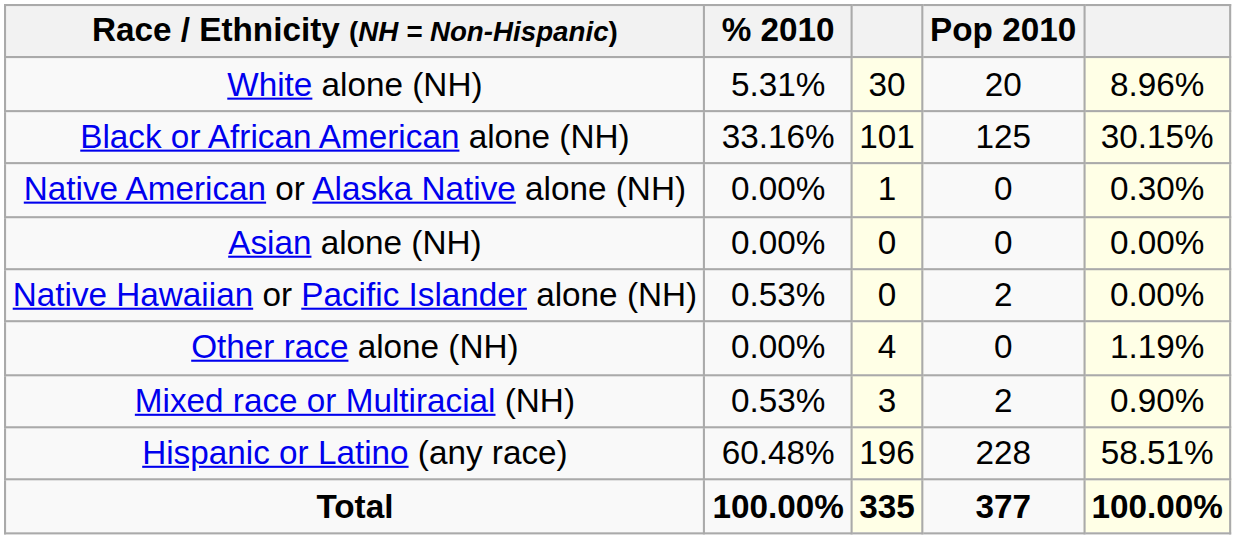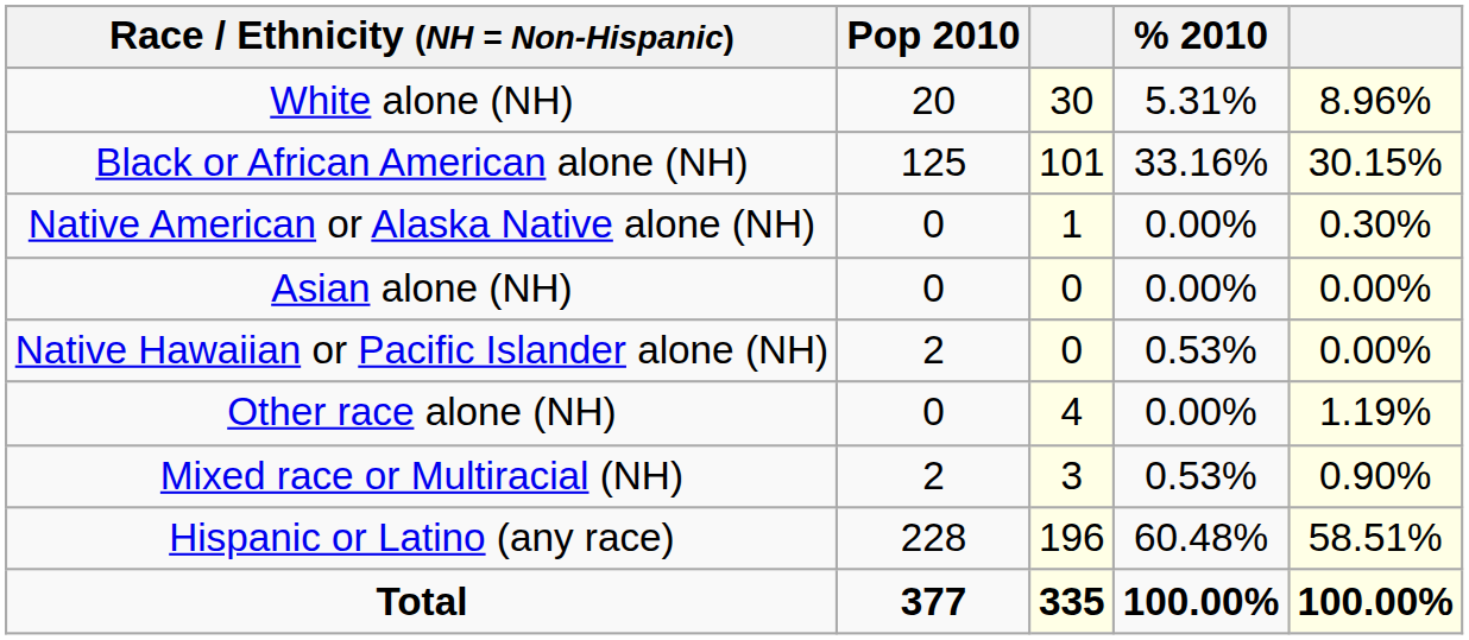 <table class="wikitable" style="text-align:center;">
 <tr>
 <th>Race / Ethnicity <small>(<em>NH = Non-Hispanic</em>)</small></th>
+<th>Pop 2010</th>
+<th></th>
 <th>% 2010</th>
-<th></th>
-<th>Pop 2010</th>
 <th></th>
 </tr>
 <tr>
 <td><a href='#'>White</a> alone (NH)</td>
+<td>20</td>
+<td style='background: #ffffe6;'>30</td>
 <td>5.31%</td>
-<td style='background: #ffffe6;'>30</td>
-<td>20</td>
 <td style='background: #ffffe6;'>8.96%</td>
 </tr>
 <tr>
 <td><a href='#'>Black or African American</a> alone (NH)</td>
+<td>125</td>
+<td style='background: #ffffe6;'>101</td>
 <td>33.16%</td>
-<td style='background: #ffffe6;'>101</td>
-<td>125</td>
 <td style='background: #ffffe6;'>30.15%</td>
 </tr>
 <tr>
 <td><a href='#'>Native American</a> or <a href='#'>Alaska Native</a> alone (NH)</td>
+<td>0</td>
+<td style='background: #ffffe6;'>1</td>
 <td>0.00%</td>
-<td style='background: #ffffe6;'>1</td>
-<td>0</td>
 <td style='background: #ffffe6;'>0.30%</td>
 </tr>
 <tr>
 <td><a href='#'>Asian</a> alone (NH)</td>
+<td>0</td>
+<td style='background: #ffffe6;'>0</td>
 <td>0.00%</td>
-<td style='background: #ffffe6;'>0</td>
-<td>0</td>
 <td style='background: #ffffe6;'>0.00%</td>
 </tr>
 <tr>
 <td><a href='#'>Native Hawaiian</a> or <a href='#'>Pacific Islander</a> alone (NH)</td>
+<td>2</td>
+<td style='background: #ffffe6;'>0</td>
 <td>0.53%</td>
-<td style='background: #ffffe6;'>0</td>
-<td>2</td>
 <td style='background: #ffffe6;'>0.00%</td>
 </tr>
 <tr>
 <td><a href='#'>Other race</a> alone (NH)</td>
+<td>0</td>
+<td style='background: #ffffe6;'>4</td>
 <td>0.00%</td>
-<td style='background: #ffffe6;'>4</td>
-<td>0</td>
 <td style='background: #ffffe6;'>1.19%</td>
 </tr>
 <tr>
 <td><a href='#'>Mixed race or Multiracial</a> (NH)</td>
+<td>2</td>
+<td style='background: #ffffe6;'>3</td>
 <td>0.53%</td>
-<td style='background: #ffffe6;'>3</td>
-<td>2</td>
 <td style='background: #ffffe6;'>0.90%</td>
 </tr>
 <tr>
 <td><a href='#'>Hispanic or Latino</a> (any race)</td>
+<td>228</td>
+<td style='background: #ffffe6;'>196</td>
 <td>60.48%</td>
-<td style='background: #ffffe6;'>196</td>
-<td>228</td>
 <td style='background: #ffffe6;'>58.51%</td>
 </tr>
 <tr>
 <td><strong>Total</strong></td>
+<td><strong>377</strong></td>
+<td style='background: #ffffe6;'><strong>335</strong></td>
 <td><strong>100.00%</strong></td>
-<td style='background: #ffffe6;'><strong>335</strong></td>
-<td><strong>377</strong></td>
 <td style='background: #ffffe6;'><strong>100.00%</strong></td>
 </tr>
 </table>
